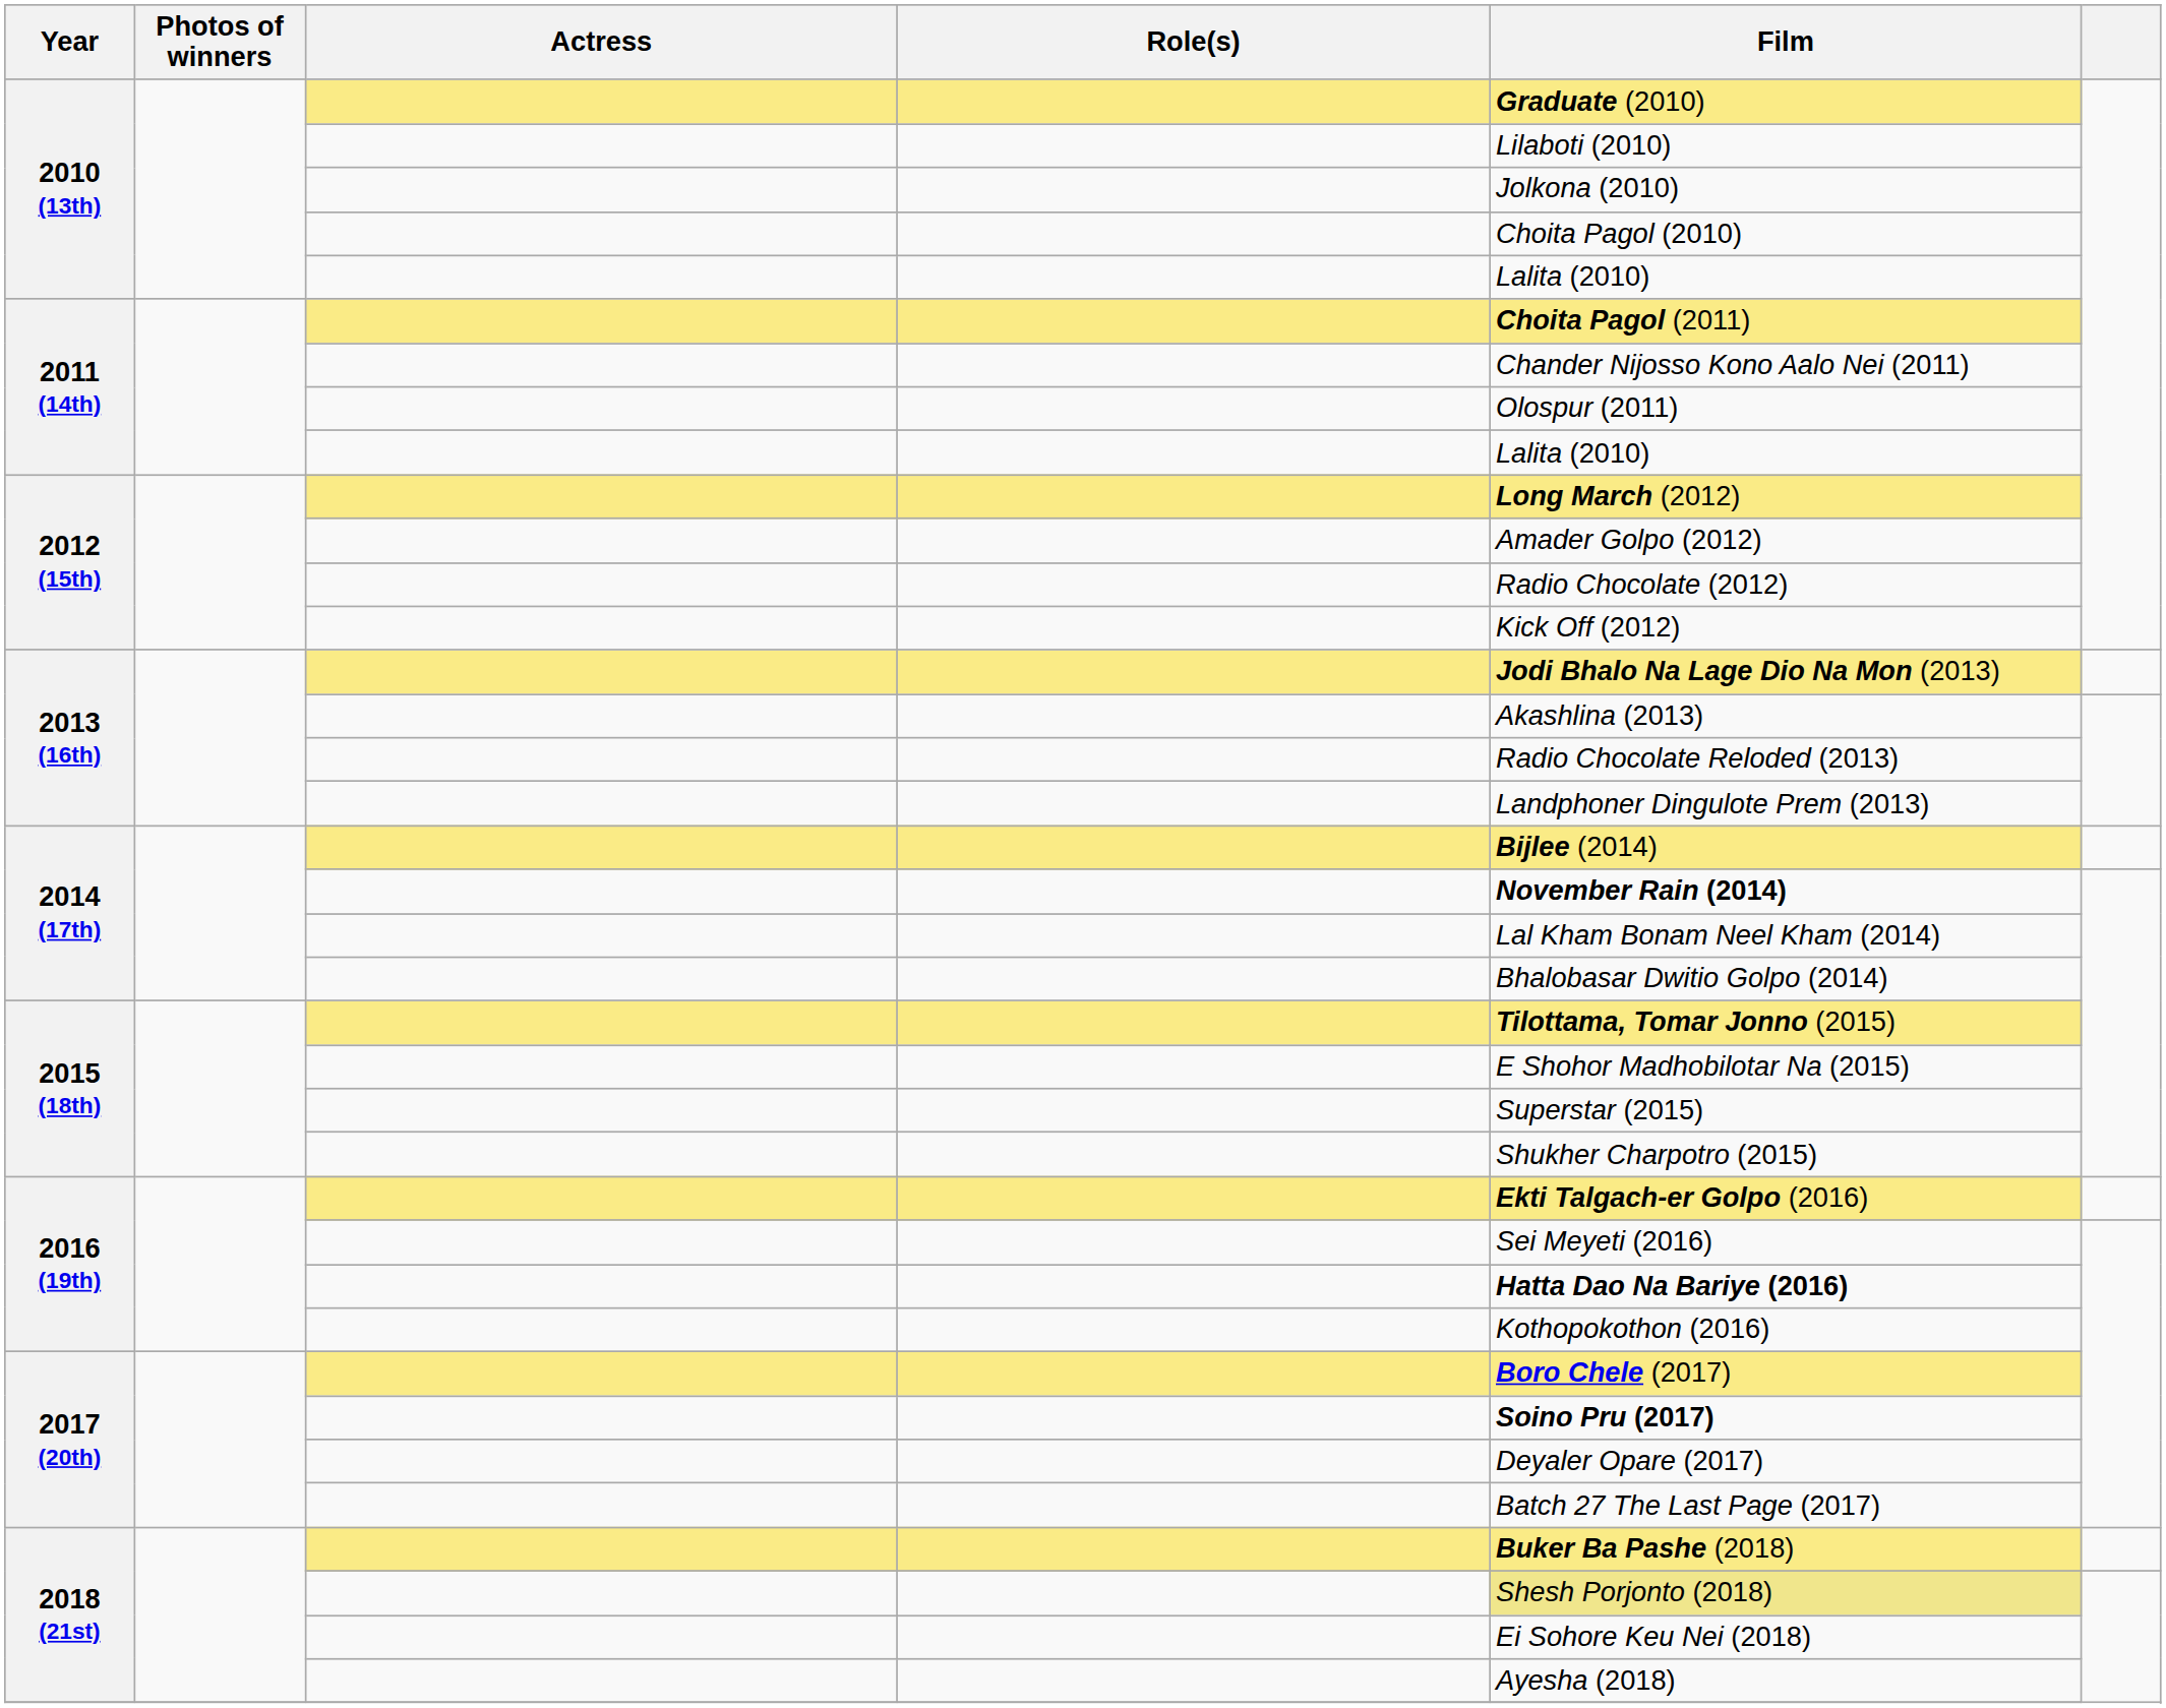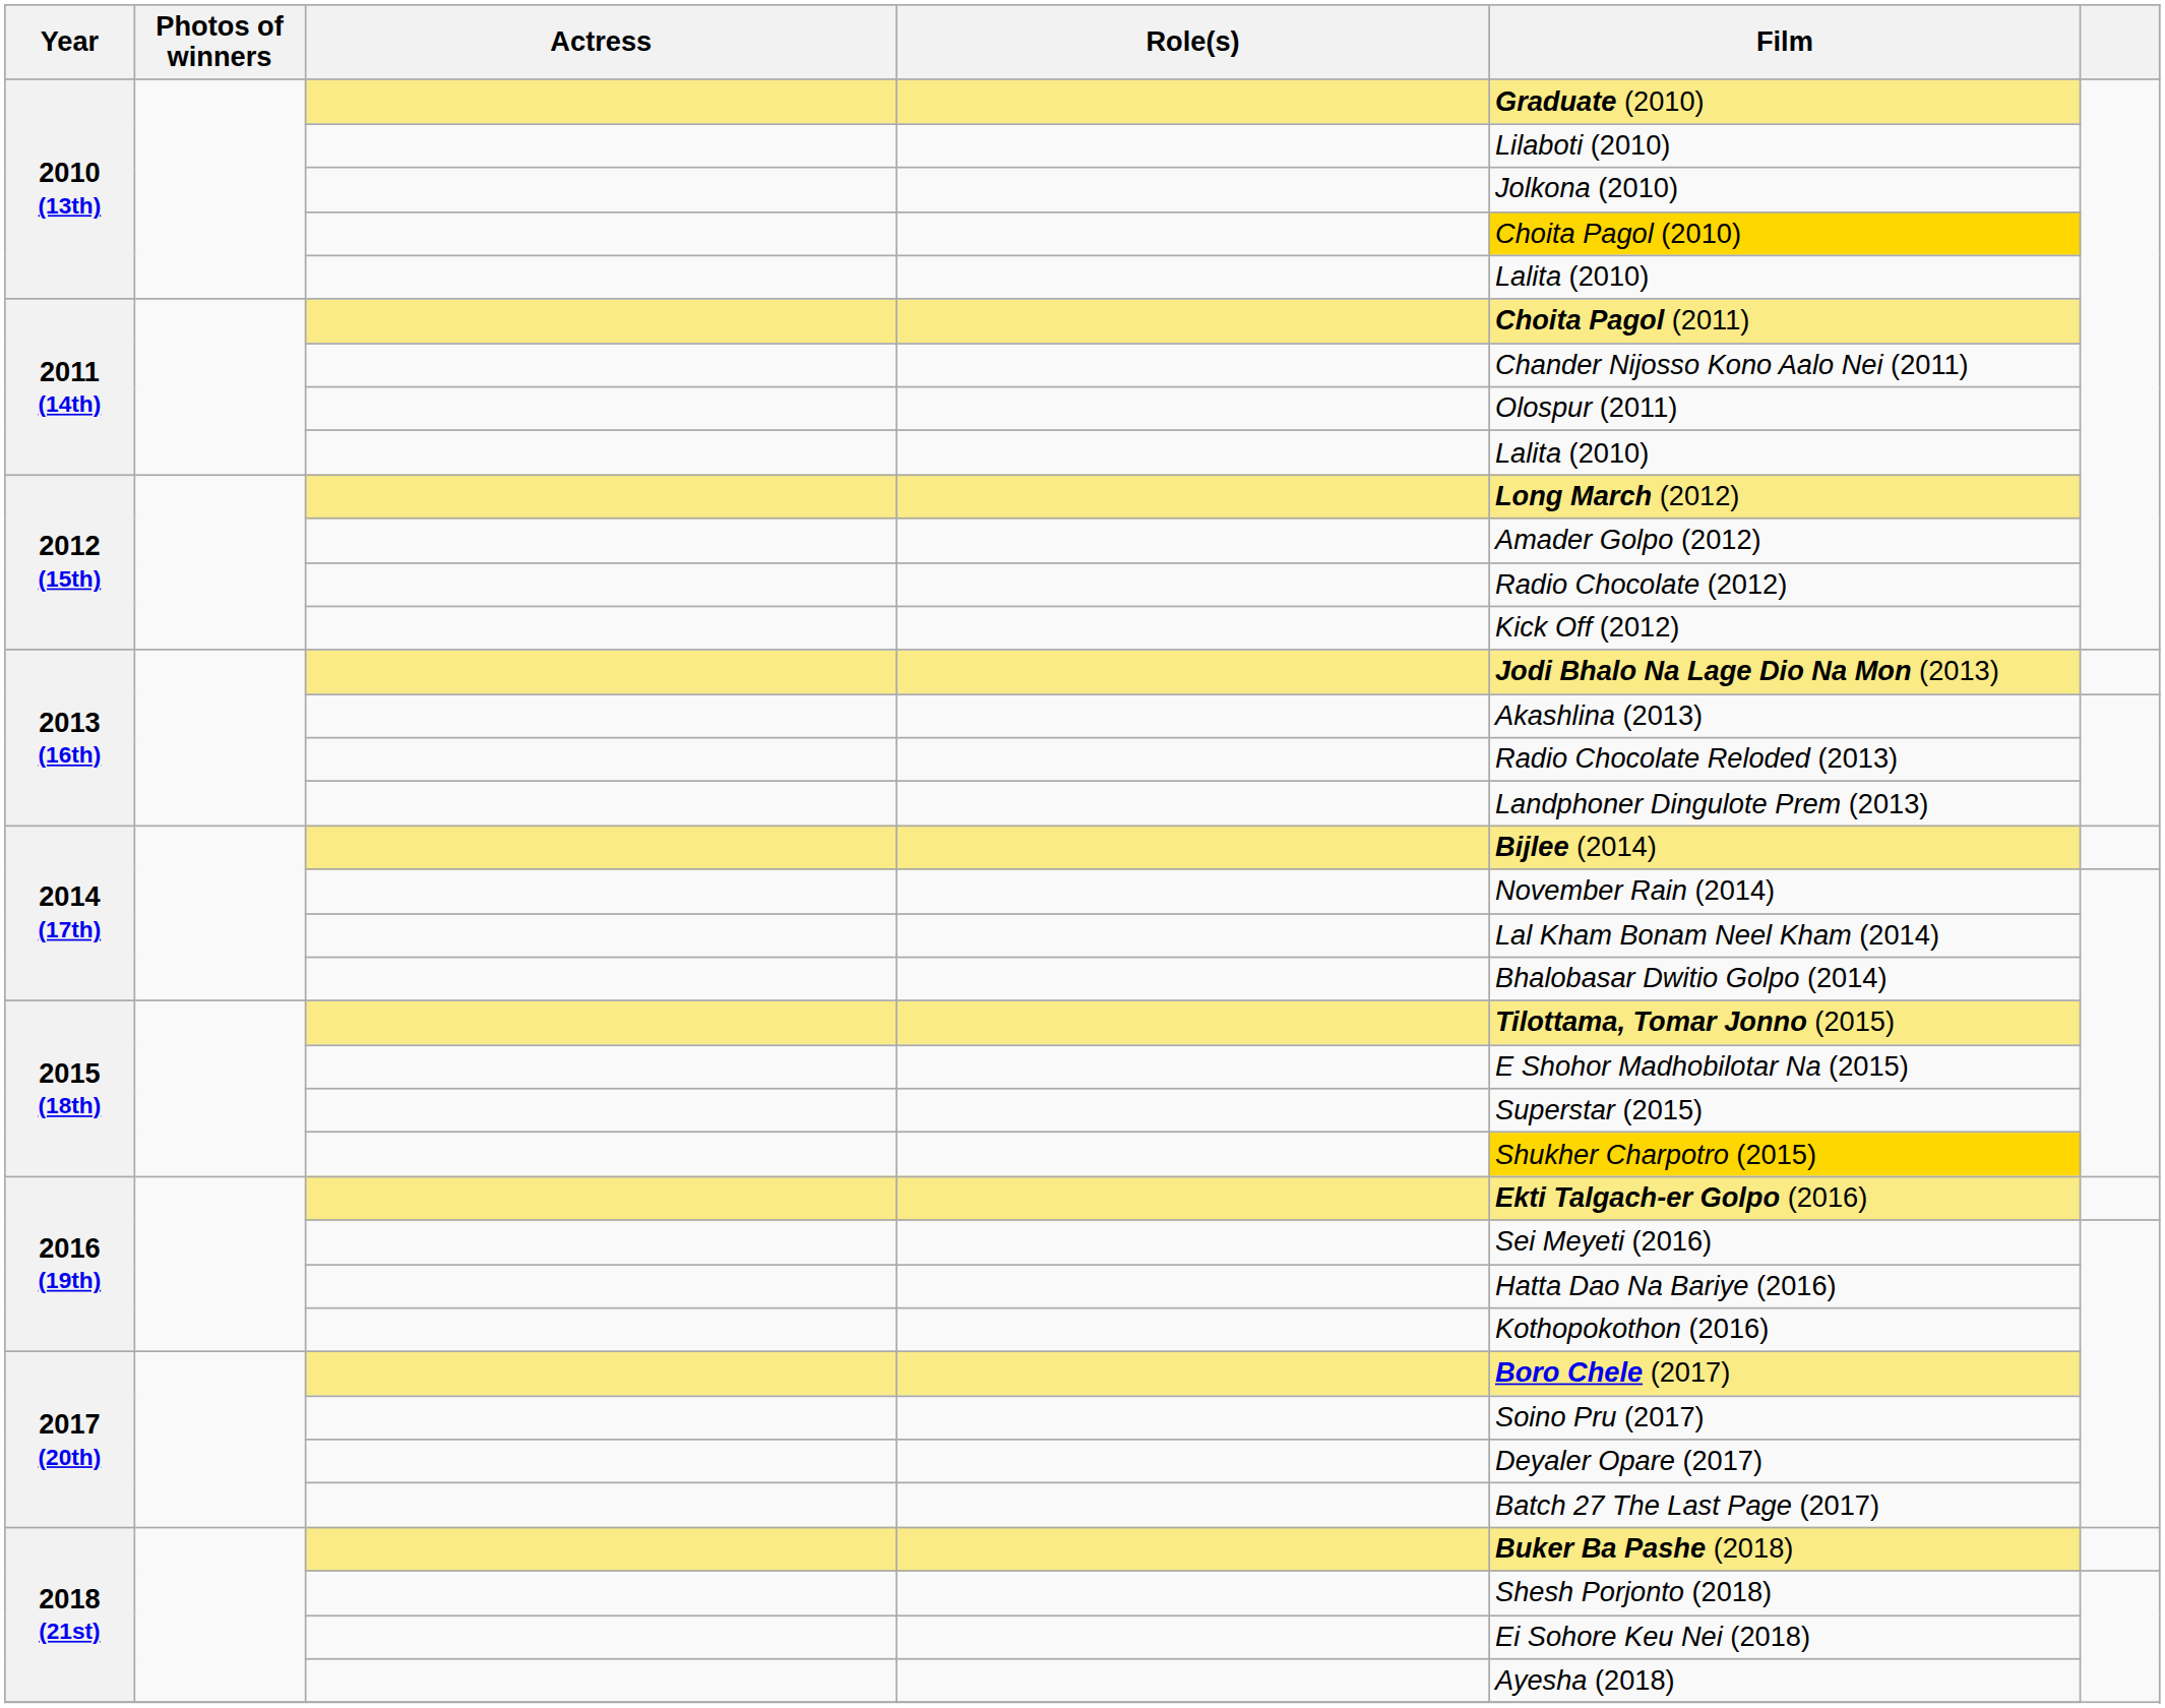 <table class="wikitable sortable" rowspan=2 style="text-align: left;">
 <tr>
 <th scope="col" style="width:3%; text-align:center;">Year</th>
 <th scope="col" style="width:3%; text-align:center;">Photos of winners</th>
 <th scope="col" style="width:15%;text-align:center;">Actress</th>
 <th scope="col" style="width:15%;text-align:center;">Role(s)</th>
 <th scope="col" style="width:15%;text-align:center;">Film</th>
 <th scope="col" style="width:2%;" class="unsortable"></th>
 </tr>
 <tr>
 <th scope="row" rowspan=5 style="text-align:center">2010 <br><small><a href='#'>(13th)</a> </small></th>
 <td rowspan=5 style="text-align:center"></td>
 <td style="background:#FAEB86;"><strong></strong> </td>
 <td style="background:#FAEB86;"></td>
 <td style="background:#FAEB86;"><strong><em>Graduate</em></strong> (2010)</td>
 </tr>
 <tr>
 <td></td>
 <td></td>
 <td><em>Lilaboti</em> (2010)</td>
 </tr>
 <tr>
 <td></td>
 <td></td>
 <td><em>Jolkona</em> (2010)</td>
 </tr>
 <tr>
 <td></td>
 <td></td>
-<td><em>Choita Pagol</em> (2010)</td>
+<td style="background: gold;"><em>Choita Pagol</em> (2010)</td>
 </tr>
 <tr>
 <td></td>
 <td></td>
 <td><em>Lalita</em> (2010)</td>
 </tr>
 <tr>
 <th scope="row" rowspan=4 style="text-align:center">2011 <br><small><a href='#'>(14th)</a> </small></th>
 <td rowspan=4 style="text-align:center"></td>
 <td style="background:#FAEB86;"><strong></strong> </td>
 <td style="background:#FAEB86;"></td>
 <td style="background:#FAEB86;"><strong><em>Choita Pagol</em></strong> (2011)</td>
 </tr>
 <tr>
 <td></td>
 <td></td>
 <td><em>Chander Nijosso Kono Aalo Nei</em> (2011)</td>
 </tr>
 <tr>
 <td></td>
 <td></td>
 <td><em>Olospur</em> (2011)</td>
 </tr>
 <tr>
 <td></td>
 <td></td>
 <td><em>Lalita</em> (2010)</td>
 </tr>
 <tr>
 <th scope="row" rowspan=4 style="text-align:center">2012 <br><small><a href='#'>(15th)</a> </small></th>
 <td rowspan=4 style="text-align:center"></td>
 <td style="background:#FAEB86;"><strong></strong> </td>
 <td style="background:#FAEB86;"></td>
 <td style="background:#FAEB86;"><strong><em>Long March</em></strong> (2012)</td>
 </tr>
 <tr>
 <td></td>
 <td></td>
 <td><em>Amader Golpo</em> (2012)</td>
 </tr>
 <tr>
 <td></td>
 <td></td>
 <td><em>Radio Chocolate</em> (2012)</td>
 </tr>
 <tr>
 <td></td>
 <td></td>
 <td><em>Kick Off</em> (2012)</td>
 </tr>
 <tr>
 <th scope="row" rowspan=4 style="text-align:center">2013 <br><small><a href='#'>(16th)</a> </small></th>
 <td rowspan=4 style="text-align:center"></td>
 <td style="background:#FAEB86;"><strong></strong> </td>
 <td style="background:#FAEB86;"></td>
 <td style="background:#FAEB86;"><strong><em>Jodi Bhalo Na Lage Dio Na Mon</em></strong> (2013)</td>
 <td></td>
 </tr>
 <tr>
 <td></td>
 <td></td>
 <td><em>Akashlina</em> (2013)</td>
 </tr>
 <tr>
 <td></td>
 <td></td>
 <td><em>Radio Chocolate Reloded</em> (2013)</td>
 </tr>
 <tr>
 <td></td>
 <td></td>
 <td><em>Landphoner Dingulote Prem</em> (2013)</td>
 </tr>
 <tr>
 <th scope="row" rowspan=4 style="text-align:center">2014 <br><small><a href='#'>(17th)</a> </small></th>
 <td rowspan=4 style="text-align:center"></td>
 <td style="background:#FAEB86;"><strong></strong> </td>
 <td style="background:#FAEB86;"><strong></strong></td>
 <td style="background:#FAEB86;"><strong><em>Bijlee</em></strong> (2014)</td>
 <td></td>
 </tr>
 <tr>
 <td></td>
 <td></td>
-<td><strong><em>November Rain</em> (2014)</strong></td>
+<td><em>November Rain</em> (2014)</td>
 </tr>
 <tr>
 <td></td>
 <td></td>
 <td><em>Lal Kham Bonam Neel Kham</em> (2014)</td>
 </tr>
 <tr>
 <td></td>
 <td></td>
 <td><em>Bhalobasar Dwitio Golpo</em> (2014)</td>
 </tr>
 <tr>
 <th scope="row" rowspan=4 style="text-align:center">2015 <br><small><a href='#'>(18th)</a> </small></th>
 <td rowspan=4 style="text-align:center"></td>
 <td style="background:#FAEB86;"><strong></strong> </td>
 <td style="background:#FAEB86;"><strong></strong></td>
 <td style="background:#FAEB86;"><strong><em>Tilottama, Tomar Jonno</em></strong> (2015)</td>
 </tr>
 <tr>
 <td></td>
 <td></td>
 <td><em>E Shohor Madhobilotar Na</em> (2015)</td>
 </tr>
 <tr>
 <td></td>
 <td></td>
 <td><em>Superstar</em> (2015)</td>
 </tr>
 <tr>
 <td></td>
 <td></td>
-<td><em>Shukher Charpotro</em> (2015)</td>
+<td style="background: gold;"><em>Shukher Charpotro</em> (2015)</td>
 </tr>
 <tr>
 <th scope="row" rowspan=4 style="text-align:center">2016 <br><small><a href='#'>(19th)</a> </small></th>
 <td rowspan=4 style="text-align:center"></td>
 <td style="background:#FAEB86;"><strong></strong> </td>
 <td style="background:#FAEB86;"></td>
 <td style="background:#FAEB86;"><strong><em>Ekti Talgach-er Golpo</em></strong> (2016)</td>
 <td></td>
 </tr>
 <tr>
 <td></td>
 <td></td>
 <td><em>Sei Meyeti</em> (2016)</td>
 </tr>
 <tr>
 <td></td>
 <td></td>
-<td><strong><em>Hatta Dao Na Bariye</em> (2016)</strong></td>
+<td><em>Hatta Dao Na Bariye</em> (2016)</td>
 </tr>
 <tr>
 <td></td>
 <td></td>
 <td><em>Kothopokothon</em> (2016)</td>
 </tr>
 <tr>
 <th scope="row" rowspan=4 style="text-align:center">2017 <br><small><a href='#'>(20th)</a> </small></th>
 <td rowspan=4 style="text-align:center"></td>
 <td style="background:#FAEB86;"><strong></strong> </td>
 <td style="background:#FAEB86;"><strong></strong></td>
 <td style="background:#FAEB86;"><strong><em><a href='#'>Boro Chele</a></em></strong> (2017)</td>
 </tr>
 <tr>
 <td></td>
 <td></td>
-<td><strong><em>Soino Pru</em> (2017)</strong></td>
+<td><em>Soino Pru</em> (2017)</td>
 </tr>
 <tr>
 <td></td>
 <td></td>
 <td><em>Deyaler Opare</em> (2017)</td>
 </tr>
 <tr>
 <td></td>
 <td></td>
 <td><em>Batch 27 The Last Page</em> (2017)</td>
 </tr>
 <tr>
 <th scope="row" rowspan=4 style="text-align:center">2018 <br><small><a href='#'>(21st)</a> </small></th>
 <td rowspan=4 style="text-align:center"></td>
 <td style="background:#FAEB86;"><strong></strong> </td>
 <td style="background:#FAEB86;"></td>
 <td style="background:#FAEB86;"><strong><em>Buker Ba Pashe</em></strong> (2018)</td>
 <td></td>
 </tr>
 <tr>
 <td></td>
 <td></td>
-<td style="background: khaki;"><em>Shesh Porjonto</em> (2018)</td>
+<td><em>Shesh Porjonto</em> (2018)</td>
 </tr>
 <tr>
 <td></td>
 <td></td>
 <td><em>Ei Sohore Keu Nei</em> (2018)</td>
 </tr>
 <tr>
 <td></td>
 <td></td>
 <td><em>Ayesha</em> (2018)</td>
 </tr>
 <tr>
 </tr>
 </table>
